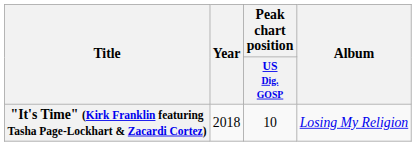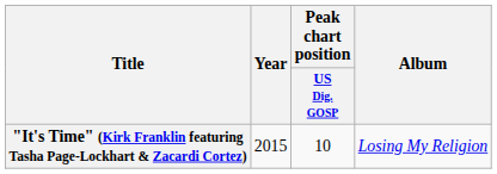 <table class="wikitable plainrowheaders" style="text-align:center;">
 <tr>
 <th scope="col" rowspan="2">Title</th>
 <th scope="col" rowspan="2">Year</th>
 <th scope="col" colspan="1">Peak chart position</th>
 <th scope="col" rowspan="2">Album</th>
 </tr>
 <tr>
 <th scope="col" style="width:3em;font-size:85%;"><a href='#'>US<br><small>Dig.<br>GOSP</small></a><br></th>
 </tr>
 <tr>
 <th scope="row">"It's Time" <small>(<a href='#'>Kirk Franklin</a> featuring <br>Tasha Page-Lockhart & <a href='#'>Zacardi Cortez</a>)</small></th>
-<td>2018</td>
+<td>2015</td>
 <td>10</td>
 <td><em><a href='#'>Losing My Religion</a></em></td>
 </tr>
 </table>
